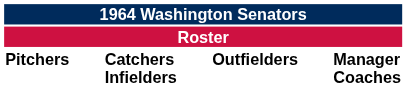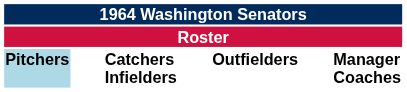 <table class="toccolours" style="font-size: 95%;">
 <tr>
 <th colspan="10" style="background-color: #002B5C; color: #FFFFFF; text-align: center;">1964 Washington Senators</th>
 </tr>
 <tr>
 <td colspan="10" style="background-color: #CE1141; color: #FFFFFF; text-align: center;"><strong>Roster</strong></td>
 </tr>
 <tr>
-<td valign="top"><strong>Pitchers</strong><br>                  </td>
+<td valign="top" style="background: lightblue;"><strong>Pitchers</strong><br>                  </td>
 <td width="25px"></td>
 <td valign="top"><strong>Catchers</strong><br>   <strong>Infielders</strong>         </td>
 <td width="25px"></td>
 <td valign="top"><strong>Outfielders</strong><br>     </td>
 <td width="25px"></td>
 <td valign="top"><strong>Manager</strong><br> <strong>Coaches</strong>     </td>
 </tr>
 <tr>
 </tr>
 </table>
